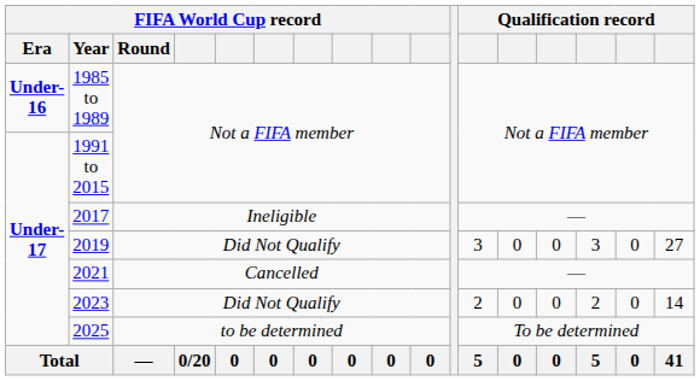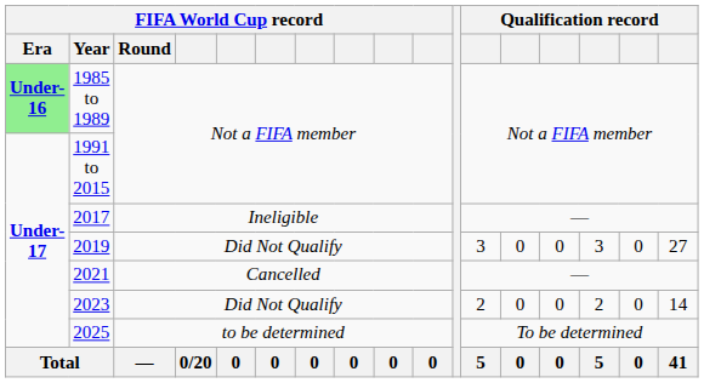 <table class="wikitable" style="text-align: center;">
 <tr>
 <th colspan=10><a href='#'>FIFA World Cup</a> record</th>
 <th rowspan=10></th>
 <th colspan=6>Qualification record</th>
 </tr>
 <tr>
 <th>Era</th>
 <th>Year</th>
 <th>Round</th>
 <th width=28></th>
 <th width=28></th>
 <th width=28></th>
 <th width=28></th>
 <th width=28></th>
 <th width=28></th>
 <th width=28></th>
 <th width=28></th>
 <th width=28></th>
 <th width=28></th>
 <th width=28></th>
 <th width=28></th>
 <th width=28></th>
 </tr>
 <tr>
-<td rowspan="1"><strong><a href='#'>Under-16</a></strong></td>
+<td rowspan="1" style="background: lightgreen;"><strong><a href='#'>Under-16</a></strong></td>
 <td><a href='#'>1985</a> to <a href='#'>1989</a></td>
 <td rowspan="2" colspan=8><em>Not a <a href='#'>FIFA</a> member</em></td>
 <td rowspan="2" colspan=6><em>Not a <a href='#'>FIFA</a> member</em></td>
 </tr>
 <tr>
 <td rowspan="6"><strong><a href='#'>Under-17</a></strong></td>
 <td><a href='#'>1991</a> to  <a href='#'>2015</a></td>
 </tr>
 <tr>
 <td> <a href='#'>2017</a></td>
 <td colspan=8><em>Ineligible</em></td>
 <td colspan=6>—</td>
 </tr>
 <tr>
 <td> <a href='#'>2019</a></td>
 <td colspan=8><em>Did Not Qualify</em></td>
 <td>3</td>
 <td>0</td>
 <td>0</td>
 <td>3</td>
 <td>0</td>
 <td>27</td>
 </tr>
 <tr>
 <td> <a href='#'>2021</a></td>
 <td colspan=8><em>Cancelled</em></td>
 <td colspan=6>—</td>
 </tr>
 <tr>
 <td> <a href='#'>2023</a></td>
 <td colspan=8><em>Did Not Qualify</em></td>
 <td>2</td>
 <td>0</td>
 <td>0</td>
 <td>2</td>
 <td>0</td>
 <td>14</td>
 </tr>
 <tr>
 <td> <a href='#'>2025</a></td>
 <td colspan=8><em>to be determined</em></td>
 <td colspan=6><em>To be determined</em></td>
 </tr>
 <tr>
 <th rowspan=1 colspan=2><strong>Total</strong></th>
 <th>—</th>
 <th>0/20</th>
 <th>0</th>
 <th>0</th>
 <th>0</th>
 <th>0</th>
 <th>0</th>
 <th>0</th>
 <th>5</th>
 <th>0</th>
 <th>0</th>
 <th>5</th>
 <th>0</th>
 <th>41</th>
 </tr>
 </table>
